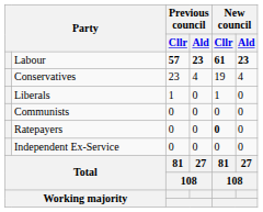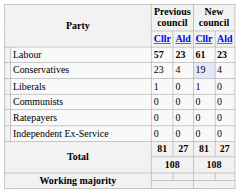 <table class="wikitable">
 <tr>
 <th colspan="2" rowspan="2" style="width: 230px">Party</th>
 <th valign=top colspan="2" style="width: 30px">Previous council</th>
 <th valign=top colspan="2" style="width: 30px">New council</th>
 </tr>
 <tr>
 <th><a href='#'>Cllr</a></th>
 <th><a href='#'>Ald</a></th>
 <th><a href='#'>Cllr</a></th>
 <th><a href='#'>Ald</a></th>
 </tr>
 <tr>
 <th style="background-color: "></th>
 <td>Labour</td>
 <td><strong>57</strong></td>
 <td><strong>23</strong></td>
 <td><strong>61</strong></td>
 <td><strong>23</strong></td>
 </tr>
 <tr>
 <th style="background-color: "></th>
 <td>Conservatives</td>
 <td>23</td>
 <td>4</td>
-<td>19</td>
+<td style="background: lavender;">19</td>
 <td>4</td>
 </tr>
 <tr>
 <th style="background-color: "></th>
 <td>Liberals</td>
 <td>1</td>
 <td>0</td>
 <td>1</td>
 <td>0</td>
 </tr>
 <tr>
 <th style="background-color: "></th>
 <td>Communists</td>
 <td>0</td>
 <td>0</td>
 <td>0</td>
 <td>0</td>
 </tr>
 <tr>
 <th style="background-color: "></th>
 <td>Ratepayers</td>
 <td>0</td>
 <td>0</td>
-<td><strong>0</strong></td>
+<td>0</td>
 <td>0</td>
 </tr>
 <tr>
 <th style="background-color: "></th>
 <td>Independent Ex-Service</td>
 <td>0</td>
 <td>0</td>
 <td>0</td>
 <td>0</td>
 </tr>
 <tr>
 <th colspan="2" rowspan="2">Total</th>
 <th style="text-align: center">81</th>
 <th style="text-align: center">27</th>
 <th style="text-align: center">81</th>
 <th style="text-align: center">27</th>
 </tr>
 <tr>
 <th colspan="2" style="text-align: center">108</th>
 <th colspan="2" style="text-align: center">108</th>
 </tr>
 <tr>
 <th colspan="2" rowspan="2">Working majority</th>
 <th></th>
 <th></th>
 <th></th>
 <th></th>
 </tr>
 <tr>
 <th colspan="2"></th>
 <th colspan="2"></th>
 </tr>
 </table>
